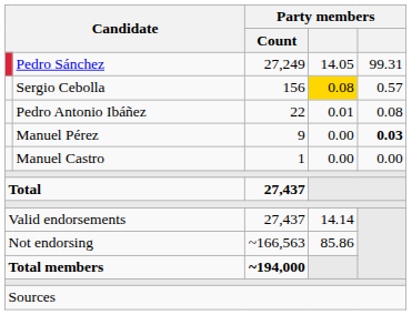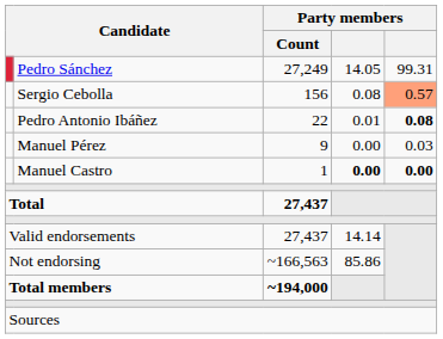 <table class="wikitable" style="text-align:right;">
 <tr>
 <th rowspan="2" colspan="2" width="250">Candidate</th>
 <th colspan="3">Party members</th>
 </tr>
 <tr>
 <th width="60">Count</th>
 <th width="45"></th>
 <th width="45"></th>
 </tr>
 <tr>
 <td width="1" style="color:inherit;background:#DD2239"></td>
 <td align="left"><a href='#'>Pedro Sánchez</a></td>
 <td>27,249</td>
 <td>14.05</td>
 <td>99.31</td>
 </tr>
 <tr>
 <td style="color:inherit;background:"></td>
 <td align="left">Sergio Cebolla</td>
 <td>156</td>
-<td style="background: gold;">0.08</td>
-<td>0.57</td>
+<td>0.08</td>
+<td style="background: lightsalmon;">0.57</td>
 </tr>
 <tr>
 <td style="color:inherit;background:"></td>
 <td align="left">Pedro Antonio Ibáñez</td>
 <td>22</td>
 <td>0.01</td>
-<td>0.08</td>
+<td><strong>0.08</strong></td>
 </tr>
 <tr>
 <td style="color:inherit;background:"></td>
 <td align="left">Manuel Pérez</td>
 <td>9</td>
 <td>0.00</td>
-<td><strong>0.03</strong></td>
+<td>0.03</td>
 </tr>
 <tr>
 <td style="color:inherit;background:"></td>
 <td align="left">Manuel Castro</td>
 <td>1</td>
-<td>0.00</td>
-<td>0.00</td>
+<td><strong>0.00</strong></td>
+<td><strong>0.00</strong></td>
 </tr>
 <tr>
 <td colspan="5" bgcolor="#E9E9E9"></td>
 </tr>
 <tr style="font-weight:bold;">
 <td align="left" colspan="2">Total</td>
 <td>27,437</td>
 <td bgcolor="#E9E9E9" colspan="2"></td>
 </tr>
 <tr>
 <td colspan="5" bgcolor="#E9E9E9"></td>
 </tr>
 <tr>
 <td align="left" colspan="2">Valid endorsements</td>
 <td>27,437</td>
 <td>14.14</td>
 <td rowspan="3" bgcolor="#E9E9E9"></td>
 </tr>
 <tr>
 <td align="left" colspan="2">Not endorsing</td>
 <td>~166,563</td>
 <td>85.86</td>
 </tr>
 <tr style="font-weight:bold;">
 <td align="left" colspan="2">Total members</td>
 <td>~194,000</td>
 <td bgcolor="#E9E9E9"></td>
 </tr>
 <tr>
 <td colspan="5" bgcolor="#E9E9E9"></td>
 </tr>
 <tr>
 <td align="left" colspan="5">Sources</td>
 </tr>
 </table>
